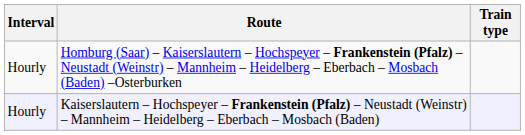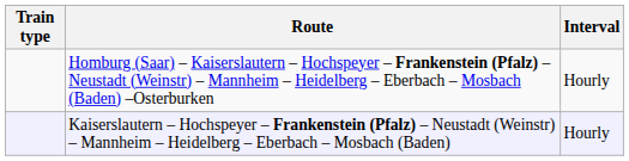 <table class="wikitable">
 <tr>
+<th>Train type</th>
+<th>Route</th>
 <th>Interval</th>
-<th>Route</th>
-<th>Train type</th>
 </tr>
 <tr>
+<td></td>
+<td><a href='#'>Homburg (Saar)</a> – <a href='#'>Kaiserslautern</a> – <a href='#'>Hochspeyer</a> – <strong>Frankenstein (Pfalz)</strong> – <a href='#'>Neustadt (Weinstr)</a> – <a href='#'>Mannheim</a> – <a href='#'>Heidelberg</a> – Eberbach – <a href='#'>Mosbach (Baden)</a> –Osterburken</td>
 <td>Hourly</td>
-<td><a href='#'>Homburg (Saar)</a> – <a href='#'>Kaiserslautern</a> – <a href='#'>Hochspeyer</a> – <strong>Frankenstein (Pfalz)</strong> – <a href='#'>Neustadt (Weinstr)</a> – <a href='#'>Mannheim</a> – <a href='#'>Heidelberg</a> – Eberbach – <a href='#'>Mosbach (Baden)</a> –Osterburken</td>
-<td></td>
 </tr>
 <tr bgcolor="#f0f0ff">
+<td></td>
+<td>Kaiserslautern – Hochspeyer – <strong>Frankenstein (Pfalz)</strong> – Neustadt (Weinstr) – Mannheim – Heidelberg – Eberbach – Mosbach (Baden)</td>
 <td>Hourly</td>
-<td>Kaiserslautern – Hochspeyer – <strong>Frankenstein (Pfalz)</strong> – Neustadt (Weinstr) – Mannheim – Heidelberg – Eberbach – Mosbach (Baden)</td>
-<td></td>
 </tr>
 </table>
